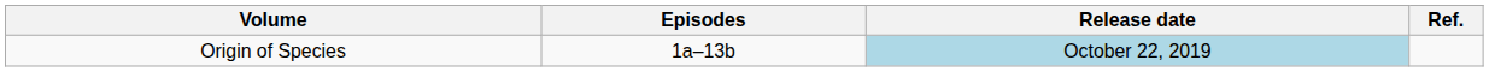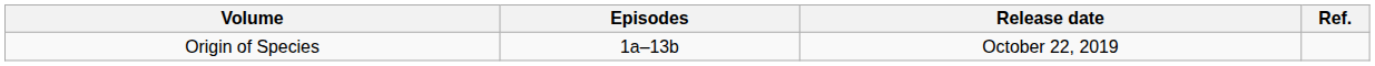 <table class="wikitable" style="text-align: center; width: 98%;">
 <tr>
 <th>Volume</th>
 <th>Episodes</th>
 <th>Release date</th>
 <th style="width:5%;">Ref.</th>
 </tr>
 <tr>
 <td rowspan="21">Origin of Species</td>
 <td>1a–13b</td>
-<td style="background: lightblue;">October 22, 2019</td>
+<td>October 22, 2019</td>
 <td></td>
 </tr>
 </table>
